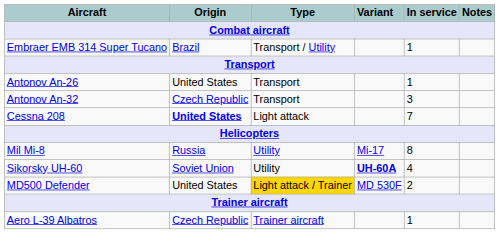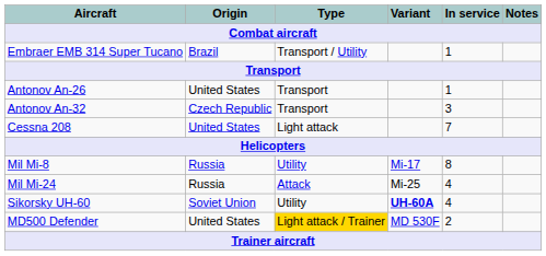 <table class="wikitable sortable">
 <tr>
 <th style="text-align:center; background:#acc;">Aircraft</th>
 <th style="text-align: center; background:#acc;">Origin</th>
 <th style="text-align:l center; background:#acc;">Type</th>
 <th style="text-align:left; background:#acc;">Variant</th>
 <th style="text-align:center; background:#acc;">In service</th>
 <th style="text-align: center; background:#acc;">Notes</th>
 </tr>
 <tr>
 <th colspan="6" style="align: center; background: lavender;"><a href='#'>Combat aircraft</a></th>
 </tr>
 <tr>
 <td><a href='#'>Embraer EMB 314 Super Tucano</a></td>
 <td><a href='#'>Brazil</a></td>
 <td>Transport / <a href='#'>Utility</a></td>
 <td></td>
 <td>1</td>
 <td></td>
 </tr>
 <tr>
 <th colspan="6" style="align: center; background: lavender;"><a href='#'>Transport</a></th>
 </tr>
 <tr>
 <td><a href='#'>Antonov An-26</a></td>
 <td>United States</td>
 <td>Transport</td>
 <td></td>
 <td>1</td>
 <td></td>
 </tr>
 <tr>
 <td><a href='#'>Antonov An-32</a></td>
 <td><a href='#'>Czech Republic</a></td>
 <td>Transport</td>
 <td></td>
 <td>3</td>
 <td></td>
 </tr>
 <tr>
 <td><a href='#'>Cessna 208</a></td>
-<td><strong><a href='#'>United States</a></strong></td>
+<td><a href='#'>United States</a></td>
 <td>Light attack</td>
 <td></td>
 <td>7</td>
 <td></td>
 </tr>
 <tr>
 <th colspan="6" style="align: center; background: lavender;"><a href='#'>Helicopters</a></th>
 </tr>
 <tr>
 <td><a href='#'>Mil Mi-8</a></td>
 <td><a href='#'>Russia</a></td>
 <td><a href='#'>Utility</a></td>
 <td><a href='#'>Mi-17</a></td>
 <td>8</td>
+<td></td>
+</tr>
+<tr>
+<td><a href='#'>Mil Mi-24</a></td>
+<td>Russia</td>
+<td><a href='#'>Attack</a></td>
+<td>Mi-25</td>
+<td>4</td>
 <td></td>
 </tr>
 <tr>
 <td><a href='#'>Sikorsky UH-60</a></td>
 <td><a href='#'>Soviet Union</a></td>
 <td>Utility</td>
 <td><strong><a href='#'>UH-60A</a></strong></td>
 <td>4</td>
 <td></td>
 </tr>
 <tr>
 <td><a href='#'>MD500 Defender</a></td>
 <td>United States</td>
 <td style="background: gold;">Light attack / Trainer</td>
 <td><a href='#'>MD 530F</a></td>
 <td>2</td>
 <td></td>
 </tr>
 <tr>
 <th colspan="6" style="align: center; background: lavender;"><a href='#'>Trainer aircraft</a></th>
 </tr>
-<tr>
-<td><a href='#'>Aero L-39 Albatros</a></td>
-<td><a href='#'>Czech Republic</a></td>
-<td><a href='#'>Trainer aircraft</a></td>
-<td></td>
-<td>1</td>
-<td></td>
-</tr>
 </table>
